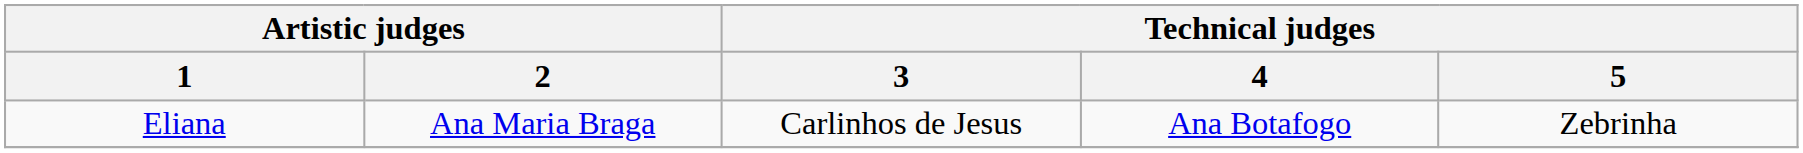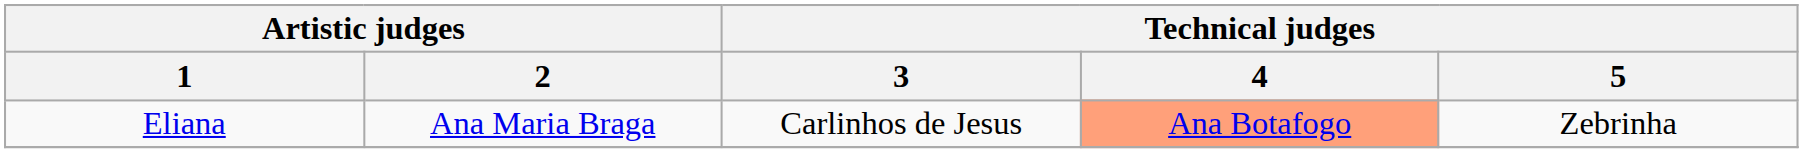 <table class="wikitable" style="font-size:100%; line-height:16px; text-align:center" width="100%">
 <tr>
 <th colspan=2>Artistic judges</th>
 <th colspan=3>Technical judges</th>
 </tr>
 <tr>
 <th width="20.0%">1</th>
 <th width="20.0%">2</th>
 <th width="20.0%">3</th>
 <th width="20.0%">4</th>
 <th width="20.0%">5</th>
 </tr>
 <tr>
 <td><a href='#'>Eliana</a></td>
 <td><a href='#'>Ana Maria Braga</a></td>
 <td>Carlinhos de Jesus</td>
-<td><a href='#'>Ana Botafogo</a></td>
+<td style="background: lightsalmon;"><a href='#'>Ana Botafogo</a></td>
 <td>Zebrinha</td>
 </tr>
 <tr>
 </tr>
 </table>
